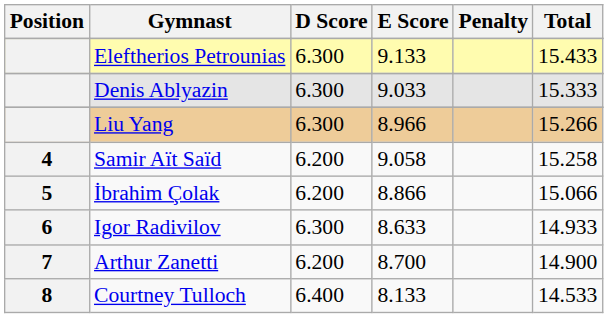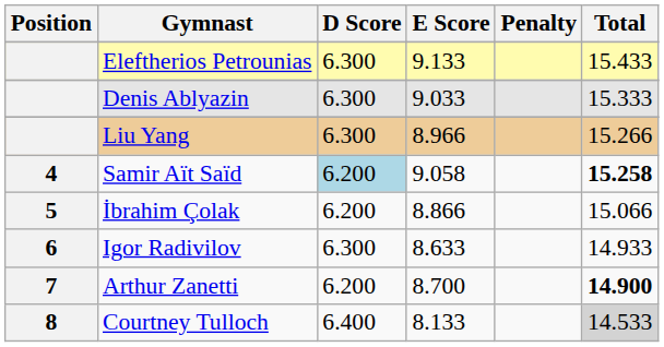 <table class="wikitable sortable">
 <tr>
 <th>Position</th>
 <th>Gymnast</th>
 <th>D Score</th>
 <th>E Score</th>
 <th>Penalty</th>
 <th>Total</th>
 </tr>
 <tr>
 </tr>
 <tr style="background:#fffcaf;">
 <th scope="row" style="text-align:center"></th>
 <td> <a href='#'>Eleftherios Petrounias</a></td>
 <td>6.300</td>
 <td>9.133</td>
 <td></td>
 <td>15.433</td>
 </tr>
 <tr>
 </tr>
 <tr style="background:#e5e5e5;">
 <th scope="row" style="text-align:center"></th>
 <td> <a href='#'>Denis Ablyazin</a></td>
 <td>6.300</td>
 <td>9.033</td>
 <td></td>
 <td>15.333</td>
 </tr>
 <tr>
 </tr>
 <tr style="background:#ec9;">
 <th scope="row" style="text-align:center"></th>
 <td> <a href='#'>Liu Yang</a></td>
 <td>6.300</td>
 <td>8.966</td>
 <td></td>
 <td>15.266</td>
 </tr>
 <tr>
 <th>4</th>
 <td> <a href='#'>Samir Aït Saïd</a></td>
-<td>6.200</td>
+<td style="background: lightblue;">6.200</td>
 <td>9.058</td>
 <td></td>
-<td>15.258</td>
+<td><strong>15.258</strong></td>
 </tr>
 <tr>
 <th>5</th>
 <td> <a href='#'>İbrahim Çolak</a></td>
 <td>6.200</td>
 <td>8.866</td>
 <td></td>
 <td>15.066</td>
 </tr>
 <tr>
 <th>6</th>
 <td> <a href='#'>Igor Radivilov</a></td>
 <td>6.300</td>
 <td>8.633</td>
 <td></td>
 <td>14.933</td>
 </tr>
 <tr>
 <th>7</th>
 <td> <a href='#'>Arthur Zanetti</a></td>
 <td>6.200</td>
 <td>8.700</td>
 <td></td>
-<td>14.900</td>
+<td><strong>14.900</strong></td>
 </tr>
 <tr>
 <th>8</th>
 <td> <a href='#'>Courtney Tulloch</a></td>
 <td>6.400</td>
 <td>8.133</td>
 <td></td>
-<td>14.533</td>
+<td style="background: lightgrey;">14.533</td>
 </tr>
 </table>
